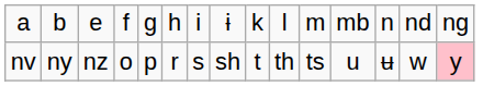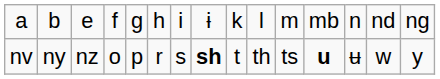 <table class="wikitable" style="text-align: center;">
 <tr>
 <td>a</td>
 <td>b</td>
 <td>e</td>
 <td>f</td>
 <td>g</td>
 <td>h</td>
 <td>i</td>
 <td>ɨ</td>
 <td>k</td>
 <td>l</td>
 <td>m</td>
 <td>mb</td>
 <td>n</td>
 <td>nd</td>
 <td>ng</td>
 </tr>
 <tr>
 <td>nv</td>
 <td>ny</td>
 <td>nz</td>
 <td>o</td>
 <td>p</td>
 <td>r</td>
 <td>s</td>
-<td>sh</td>
+<td><strong>sh</strong></td>
 <td>t</td>
 <td>th</td>
 <td>ts</td>
-<td>u</td>
+<td><strong>u</strong></td>
 <td>ʉ</td>
 <td>w</td>
-<td style="background: pink;">y</td>
+<td>y</td>
 </tr>
 </table>
